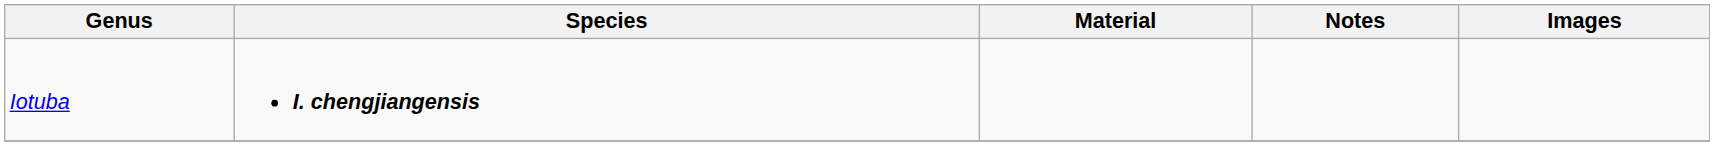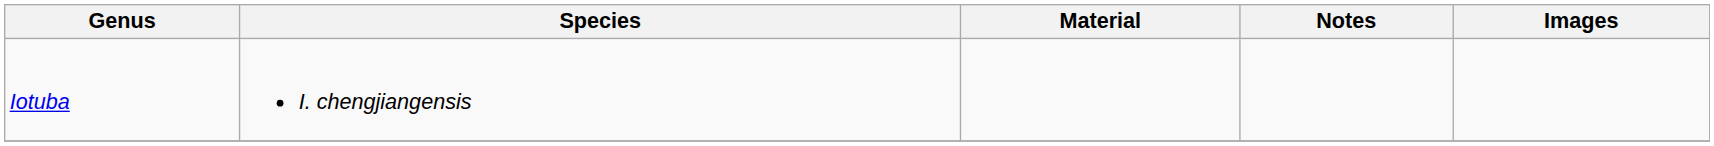 <table class="wikitable" style="margin:auto;width:100%;">
 <tr>
 <th>Genus</th>
 <th>Species</th>
 <th>Material</th>
 <th>Notes</th>
 <th>Images</th>
 </tr>
 <tr>
 <td><br><em><a href='#'>Iotuba</a></em></td>
-<td><strong><br><ul><li><em>I. chengjiangensis</em></li></ul></strong></td>
+<td><br><ul><li><em>I. chengjiangensis</em></li></ul></td>
 <td></td>
 <td></td>
 <td><br></td>
 </tr>
 <tr>
 </tr>
 </table>
